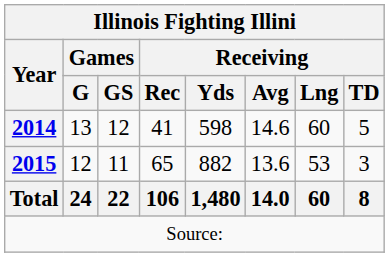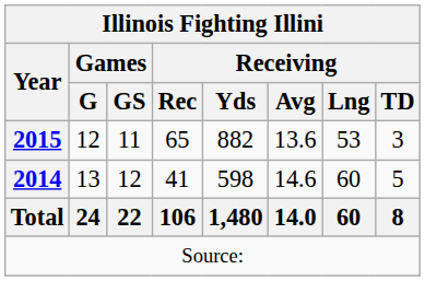 <table class="wikitable" style="text-align: center;">
 <tr>
 <th colspan="8"><strong>Illinois Fighting Illini</strong></th>
 </tr>
 <tr>
 <th rowspan="2">Year</th>
 <th colspan="2">Games</th>
 <th colspan="5">Receiving</th>
 </tr>
 <tr>
 <th>G</th>
 <th>GS</th>
 <th>Rec</th>
 <th>Yds</th>
 <th>Avg</th>
 <th>Lng</th>
 <th>TD</th>
 </tr>
 <tr>
+<th><a href='#'>2015</a></th>
+<td>12</td>
+<td>11</td>
+<td>65</td>
+<td>882</td>
+<td>13.6</td>
+<td>53</td>
+<td>3</td>
+</tr>
+<tr>
 <th><a href='#'>2014</a></th>
 <td>13</td>
 <td>12</td>
 <td>41</td>
 <td>598</td>
 <td>14.6</td>
 <td>60</td>
 <td>5</td>
-</tr>
-<tr>
-<th><a href='#'>2015</a></th>
-<td>12</td>
-<td>11</td>
-<td>65</td>
-<td>882</td>
-<td>13.6</td>
-<td>53</td>
-<td>3</td>
 </tr>
 <tr>
 <th>Total</th>
 <th>24</th>
 <th>22</th>
 <th>106</th>
 <th>1,480</th>
 <th>14.0</th>
 <th>60</th>
 <th>8</th>
 </tr>
 <tr>
 <td colspan="8"><small>Source: </small></td>
 </tr>
 </table>
